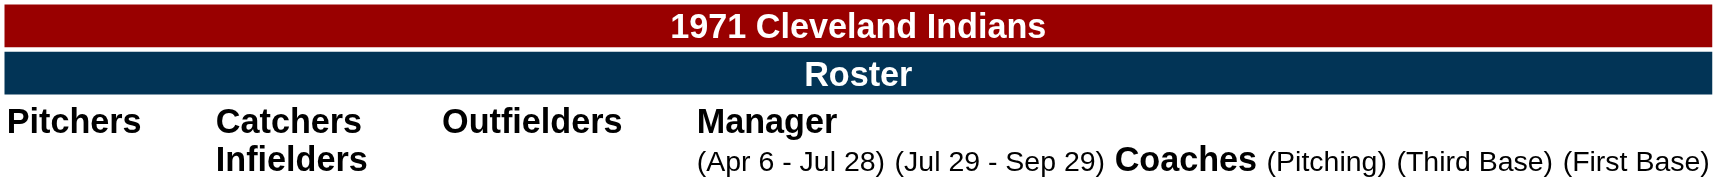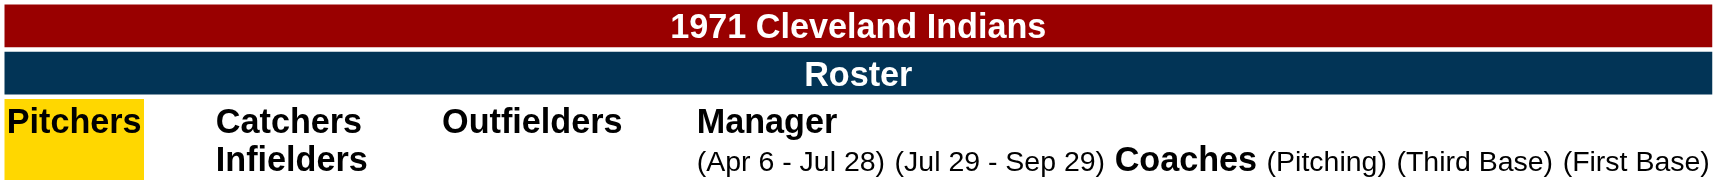 <table class="toccolours" style="font-size: 95%;">
 <tr>
 <th colspan="10" style="background-color: #990000; color: white; text-align: center;">1971 Cleveland Indians</th>
 </tr>
 <tr>
 <td colspan="10" style="background-color: #023456; color: white; text-align: center;"><strong>Roster</strong></td>
 </tr>
 <tr>
-<td valign="top"><strong>Pitchers</strong><br>               </td>
+<td valign="top" style="background: gold;"><strong>Pitchers</strong><br>               </td>
 <td width="25px"></td>
 <td valign="top"><strong>Catchers</strong><br>  <strong>Infielders</strong>            </td>
 <td width="25px"></td>
 <td valign="top"><strong>Outfielders</strong><br>      </td>
 <td width="25px"></td>
 <td valign="top"><strong>Manager</strong><br> <small>(Apr 6 - Jul 28)</small>  <small>(Jul 29 - Sep 29)</small> <strong>Coaches</strong>  <small>(Pitching)</small>   <small>(Third Base)</small>  <small>(First Base)</small></td>
 </tr>
 </table>
